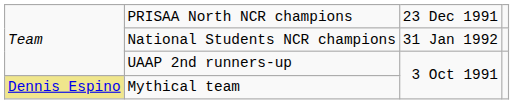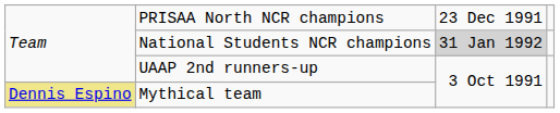 <table class=wikitable>
 <tr>
 <td rowspan=3><em>Team</em></td>
 <td>PRISAA North NCR champions</td>
 <td align=right>23 Dec 1991</td>
 <td align=center></td>
 </tr>
 <tr>
 <td>National Students NCR champions</td>
-<td align=right>31 Jan 1992</td>
+<td align=right style="background: lightgrey;">31 Jan 1992</td>
 <td align=center></td>
 </tr>
 <tr>
 <td>UAAP 2nd runners-up</td>
 <td align=right rowspan=2>3 Oct 1991</td>
 <td align=center rowspan=2></td>
 </tr>
 <tr>
 <td style="background: khaki;"><a href='#'>Dennis Espino</a></td>
 <td>Mythical team</td>
 </tr>
 </table>
